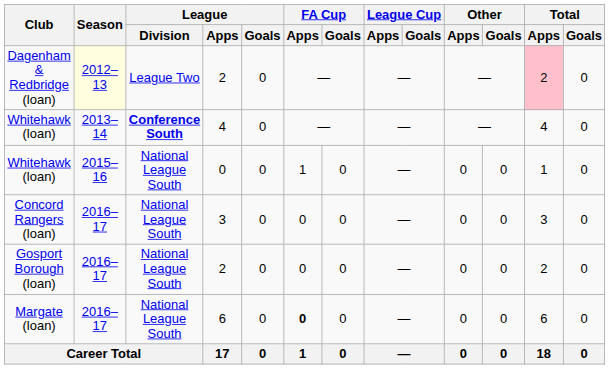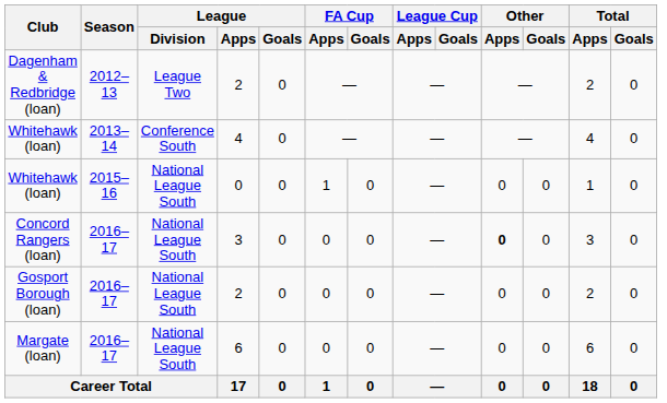 <table class="wikitable" style="text-align: center">
 <tr>
 <th rowspan="2">Club</th>
 <th rowspan="2">Season</th>
 <th colspan="3">League</th>
 <th colspan="2"><a href='#'>FA Cup</a></th>
 <th colspan="2"><a href='#'>League Cup</a></th>
 <th colspan="2">Other</th>
 <th colspan="2">Total</th>
 </tr>
 <tr>
 <th>Division</th>
 <th>Apps</th>
 <th>Goals</th>
 <th>Apps</th>
 <th>Goals</th>
 <th>Apps</th>
 <th>Goals</th>
 <th>Apps</th>
 <th>Goals</th>
 <th>Apps</th>
 <th>Goals</th>
 </tr>
 <tr>
 <td><a href='#'>Dagenham & Redbridge</a> (loan)</td>
-<td style="background: lightyellow;"><a href='#'>2012–13</a></td>
+<td><a href='#'>2012–13</a></td>
 <td><a href='#'>League Two</a></td>
 <td>2</td>
 <td>0</td>
 <td colspan="2">—</td>
 <td colspan="2">—</td>
 <td colspan="2">—</td>
-<td style="background: pink;">2</td>
+<td>2</td>
 <td>0</td>
 </tr>
 <tr>
 <td><a href='#'>Whitehawk</a> (loan)</td>
 <td><a href='#'>2013–14</a></td>
-<td><strong><a href='#'>Conference South</a></strong></td>
+<td><a href='#'>Conference South</a></td>
 <td>4</td>
 <td>0</td>
 <td colspan="2">—</td>
 <td colspan="2">—</td>
 <td colspan="2">—</td>
 <td>4</td>
 <td>0</td>
 </tr>
 <tr>
 <td><a href='#'>Whitehawk</a> (loan)</td>
 <td><a href='#'>2015–16</a></td>
 <td><a href='#'>National League South</a></td>
 <td>0</td>
 <td>0</td>
 <td>1</td>
 <td>0</td>
 <td colspan="2">—</td>
 <td>0</td>
 <td>0</td>
 <td>1</td>
 <td>0</td>
 </tr>
 <tr>
 <td><a href='#'>Concord Rangers</a> (loan)</td>
 <td><a href='#'>2016–17</a></td>
 <td><a href='#'>National League South</a></td>
 <td>3</td>
 <td>0</td>
 <td>0</td>
 <td>0</td>
 <td colspan="2">—</td>
-<td>0</td>
+<td><strong>0</strong></td>
 <td>0</td>
 <td>3</td>
 <td>0</td>
 </tr>
 <tr>
 <td><a href='#'>Gosport Borough</a> (loan)</td>
 <td><a href='#'>2016–17</a></td>
 <td><a href='#'>National League South</a></td>
 <td>2</td>
 <td>0</td>
 <td>0</td>
 <td>0</td>
 <td colspan="2">—</td>
 <td>0</td>
 <td>0</td>
 <td>2</td>
 <td>0</td>
 </tr>
 <tr>
 <td><a href='#'>Margate</a> (loan)</td>
 <td><a href='#'>2016–17</a></td>
 <td><a href='#'>National League South</a></td>
 <td>6</td>
 <td>0</td>
-<td><strong>0</strong></td>
+<td>0</td>
 <td>0</td>
 <td colspan="2">—</td>
 <td>0</td>
 <td>0</td>
 <td>6</td>
 <td>0</td>
 </tr>
 <tr>
 <th colspan="3">Career Total</th>
 <th>17</th>
 <th>0</th>
 <th>1</th>
 <th>0</th>
 <th colspan="2">—</th>
 <th>0</th>
 <th>0</th>
 <th>18</th>
 <th>0</th>
 </tr>
 </table>
